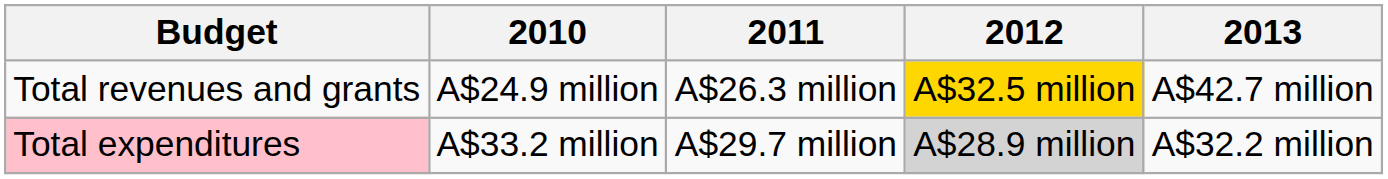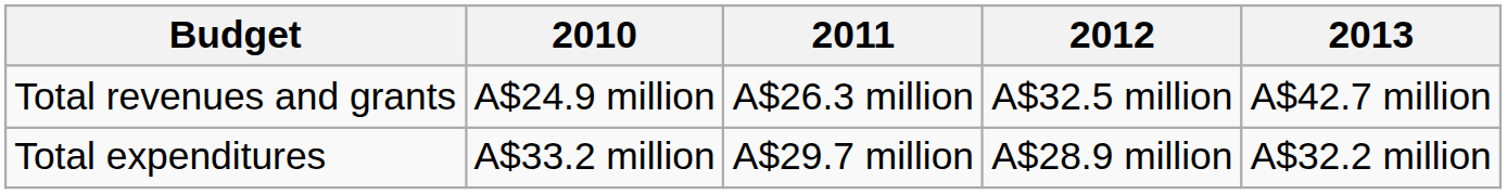 <table class="wikitable">
 <tr>
 <th>Budget</th>
 <th>2010</th>
 <th>2011</th>
 <th>2012</th>
 <th>2013</th>
 </tr>
 <tr>
 <td>Total revenues and grants</td>
 <td>A$24.9 million</td>
 <td>A$26.3 million</td>
-<td style="background: gold;">A$32.5 million</td>
+<td>A$32.5 million</td>
 <td>A$42.7 million</td>
 </tr>
 <tr>
-<td style="background: pink;">Total expenditures</td>
+<td>Total expenditures</td>
 <td>A$33.2 million</td>
 <td>A$29.7 million</td>
-<td style="background: lightgrey;">A$28.9 million</td>
+<td>A$28.9 million</td>
 <td>A$32.2 million</td>
 </tr>
 </table>
